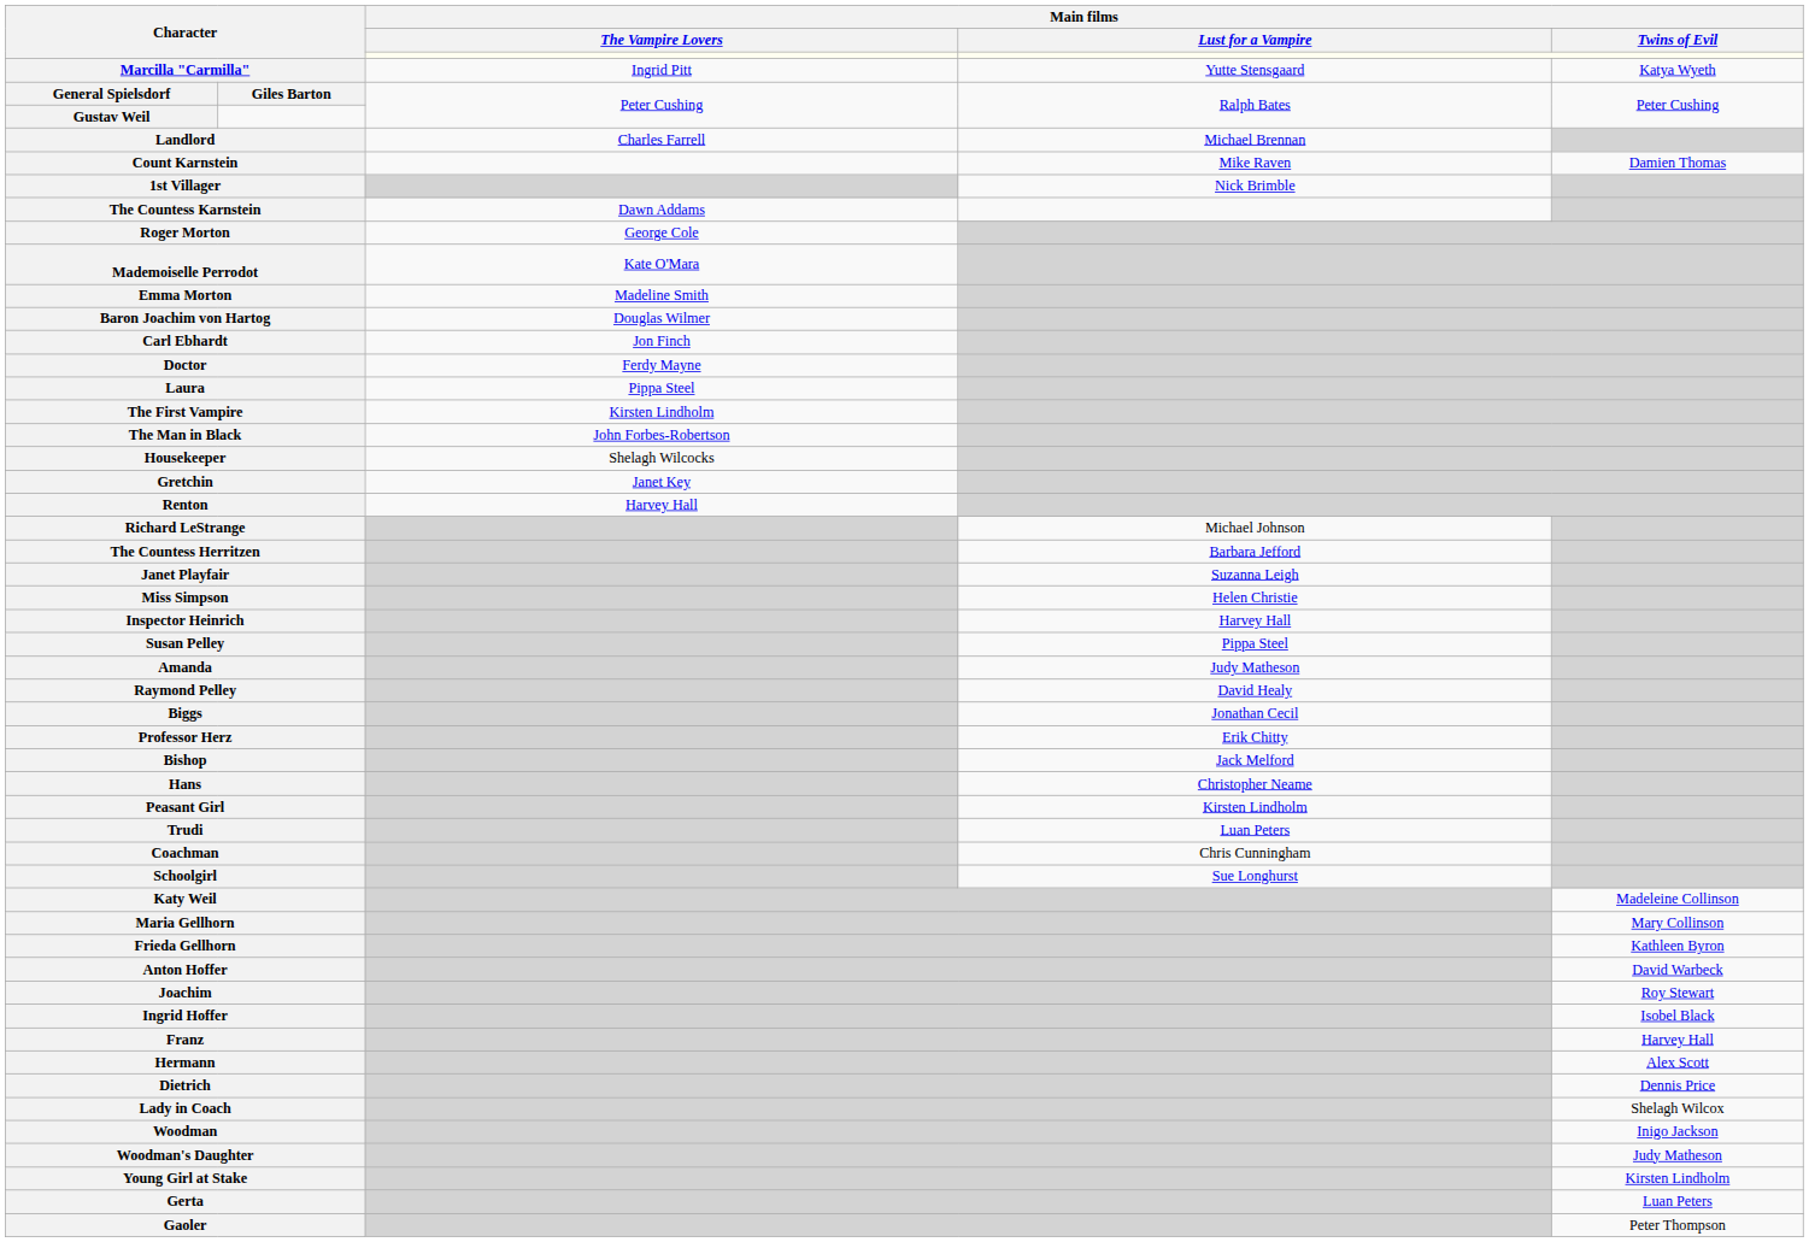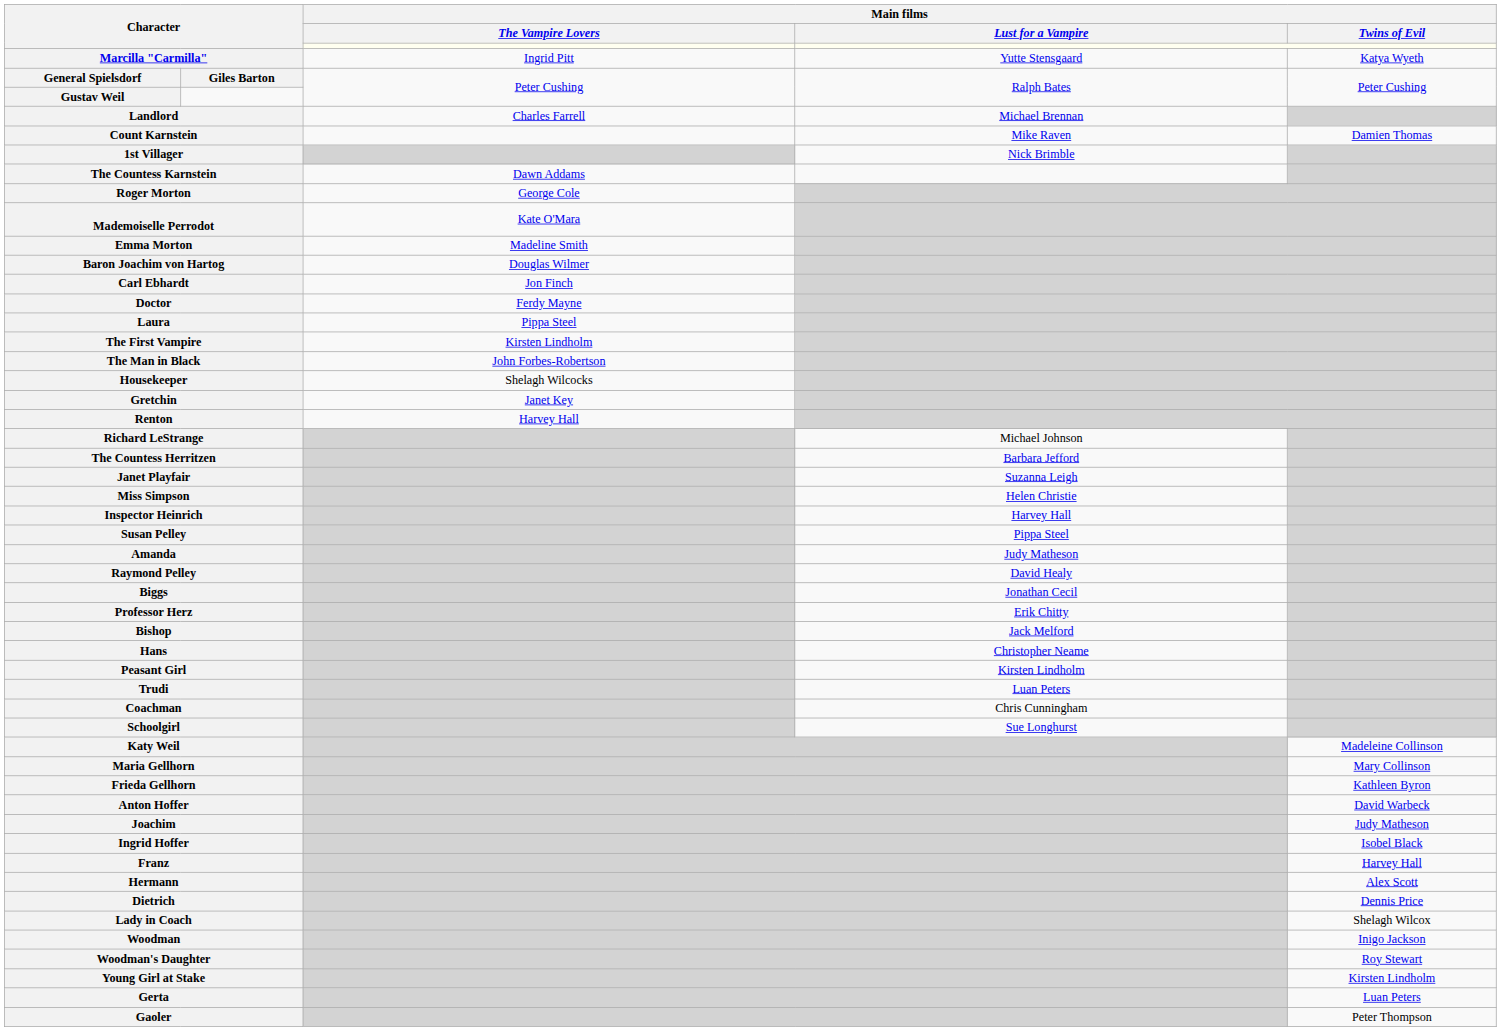 <table class="wikitable" style="text-align:center; width:99%;">
 <tr>
 <th rowspan="3" colspan="2" style="width:20%;">Character</th>
 <th colspan="3" style="text-align:center;">Main films</th>
 </tr>
 <tr>
 <th style="text-align:center; width:33%;"><em><a href='#'>The Vampire Lovers</a></em></th>
 <th style="text-align:center; width:33%;"><em><a href='#'>Lust for a Vampire</a></em></th>
 <th style="text-align:center; width:33%;"><em><a href='#'>Twins of Evil</a></em></th>
 </tr>
 <tr>
 <th style="background:ivory;"><span></span></th>
 <th colspan="2" style="background:ivory;"><span></span></th>
 </tr>
 <tr>
 <th colspan="2"><a href='#'>Marcilla "Carmilla"<br></a></th>
 <td><a href='#'>Ingrid Pitt</a></td>
 <td><a href='#'>Yutte Stensgaard</a></td>
 <td><a href='#'>Katya Wyeth</a></td>
 </tr>
 <tr>
 <th>General Spielsdorf</th>
 <th>Giles Barton</th>
 <td rowspan="2"><a href='#'>Peter Cushing</a></td>
 <td rowspan="2"><a href='#'>Ralph Bates</a></td>
 <td rowspan="2"><a href='#'>Peter Cushing</a></td>
 </tr>
 <tr>
 <th>Gustav Weil</th>
 </tr>
 <tr>
 <th colspan="2">Landlord</th>
 <td><a href='#'>Charles Farrell</a></td>
 <td><a href='#'>Michael Brennan</a></td>
 <td colspan="1" style="background:lightgrey;"></td>
 </tr>
 <tr>
 <th colspan="2">Count Karnstein<br></th>
 <td></td>
 <td><a href='#'>Mike Raven</a></td>
 <td><a href='#'>Damien Thomas</a></td>
 </tr>
 <tr>
 <th colspan="2">1st Villager</th>
 <td style="background:lightgrey;"></td>
 <td><a href='#'>Nick Brimble</a></td>
 <td style="background:lightgrey;"></td>
 </tr>
 <tr>
 <th colspan="2">The Countess Karnstein</th>
 <td><a href='#'>Dawn Addams</a></td>
 <td></td>
 <td colspan="1" style="background:lightgrey;"></td>
 </tr>
 <tr>
 <th colspan="2">Roger Morton</th>
 <td><a href='#'>George Cole</a></td>
 <td colspan="2" style="background:lightgrey;"></td>
 </tr>
 <tr>
 <th colspan="2"><br>Mademoiselle Perrodot</th>
 <td><a href='#'>Kate O'Mara</a></td>
 <td colspan="2" style="background:lightgrey;"></td>
 </tr>
 <tr>
 <th colspan="2">Emma Morton</th>
 <td><a href='#'>Madeline Smith</a></td>
 <td colspan="2" style="background:lightgrey;"></td>
 </tr>
 <tr>
 <th colspan="2">Baron Joachim von Hartog</th>
 <td><a href='#'>Douglas Wilmer</a></td>
 <td colspan="2" style="background:lightgrey;"></td>
 </tr>
 <tr>
 <th colspan="2">Carl Ebhardt</th>
 <td><a href='#'>Jon Finch</a></td>
 <td colspan="2" style="background:lightgrey;"></td>
 </tr>
 <tr>
 <th colspan="2">Doctor</th>
 <td><a href='#'>Ferdy Mayne</a></td>
 <td colspan="2" style="background:lightgrey;"></td>
 </tr>
 <tr>
 <th colspan="2">Laura</th>
 <td><a href='#'>Pippa Steel</a></td>
 <td colspan="2" style="background:lightgrey;"></td>
 </tr>
 <tr>
 <th colspan="2">The First Vampire</th>
 <td><a href='#'>Kirsten Lindholm</a></td>
 <td colspan="2" style="background:lightgrey;"></td>
 </tr>
 <tr>
 <th colspan="2">The Man in Black</th>
 <td><a href='#'>John Forbes-Robertson</a></td>
 <td colspan="2" style="background:lightgrey;"></td>
 </tr>
 <tr>
 <th colspan="2">Housekeeper</th>
 <td>Shelagh Wilcocks</td>
 <td colspan="2" style="background:lightgrey;"></td>
 </tr>
 <tr>
 <th colspan="2">Gretchin</th>
 <td><a href='#'>Janet Key</a></td>
 <td colspan="2" style="background:lightgrey;"></td>
 </tr>
 <tr>
 <th colspan="2">Renton</th>
 <td><a href='#'>Harvey Hall</a></td>
 <td colspan="2" style="background:lightgrey;"></td>
 </tr>
 <tr>
 <th colspan="2">Richard LeStrange</th>
 <td style="background:lightgrey;"></td>
 <td>Michael Johnson</td>
 <td colspan="1" style="background:lightgrey;"></td>
 </tr>
 <tr>
 <th colspan="2">The Countess Herritzen</th>
 <td style="background:lightgrey;"></td>
 <td><a href='#'>Barbara Jefford</a></td>
 <td colspan="1" style="background:lightgrey;"></td>
 </tr>
 <tr>
 <th colspan="2">Janet Playfair</th>
 <td style="background:lightgrey;"></td>
 <td><a href='#'>Suzanna Leigh</a></td>
 <td colspan="1" style="background:lightgrey;"></td>
 </tr>
 <tr>
 <th colspan="2">Miss Simpson</th>
 <td style="background:lightgrey;"></td>
 <td><a href='#'>Helen Christie</a></td>
 <td colspan="1" style="background:lightgrey;"></td>
 </tr>
 <tr>
 <th colspan="2">Inspector Heinrich</th>
 <td style="background:lightgrey;"></td>
 <td><a href='#'>Harvey Hall</a></td>
 <td colspan="1" style="background:lightgrey;"></td>
 </tr>
 <tr>
 <th colspan="2">Susan Pelley</th>
 <td style="background:lightgrey;"></td>
 <td><a href='#'>Pippa Steel</a></td>
 <td colspan="1" style="background:lightgrey;"></td>
 </tr>
 <tr>
 <th colspan="2">Amanda</th>
 <td style="background:lightgrey;"></td>
 <td><a href='#'>Judy Matheson</a></td>
 <td colspan="1" style="background:lightgrey;"></td>
 </tr>
 <tr>
 <th colspan="2">Raymond Pelley</th>
 <td style="background:lightgrey;"></td>
 <td><a href='#'>David Healy</a></td>
 <td colspan="1" style="background:lightgrey;"></td>
 </tr>
 <tr>
 <th colspan="2">Biggs</th>
 <td style="background:lightgrey;"></td>
 <td><a href='#'>Jonathan Cecil</a></td>
 <td colspan="1" style="background:lightgrey;"></td>
 </tr>
 <tr>
 <th colspan="2">Professor Herz</th>
 <td style="background:lightgrey;"></td>
 <td><a href='#'>Erik Chitty</a></td>
 <td colspan="1" style="background:lightgrey;"></td>
 </tr>
 <tr>
 <th colspan="2">Bishop</th>
 <td style="background:lightgrey;"></td>
 <td><a href='#'>Jack Melford</a></td>
 <td colspan="1" style="background:lightgrey;"></td>
 </tr>
 <tr>
 <th colspan="2">Hans</th>
 <td style="background:lightgrey;"></td>
 <td><a href='#'>Christopher Neame</a></td>
 <td colspan="1" style="background:lightgrey;"></td>
 </tr>
 <tr>
 <th colspan="2">Peasant Girl</th>
 <td style="background:lightgrey;"></td>
 <td><a href='#'>Kirsten Lindholm</a></td>
 <td colspan="1" style="background:lightgrey;"></td>
 </tr>
 <tr>
 <th colspan="2">Trudi</th>
 <td style="background:lightgrey;"></td>
 <td><a href='#'>Luan Peters</a></td>
 <td colspan="1" style="background:lightgrey;"></td>
 </tr>
 <tr>
 <th colspan="2">Coachman</th>
 <td style="background:lightgrey;"></td>
 <td>Chris Cunningham</td>
 <td colspan="1" style="background:lightgrey;"></td>
 </tr>
 <tr>
 <th colspan="2">Schoolgirl</th>
 <td style="background:lightgrey;"></td>
 <td><a href='#'>Sue Longhurst</a></td>
 <td colspan="1" style="background:lightgrey;"></td>
 </tr>
 <tr>
 <th colspan="2">Katy Weil</th>
 <td colspan="2" style="background:lightgrey;"></td>
 <td><a href='#'>Madeleine Collinson</a></td>
 </tr>
 <tr>
 <th colspan="2">Maria Gellhorn</th>
 <td colspan="2" style="background:lightgrey;"></td>
 <td><a href='#'>Mary Collinson</a></td>
 </tr>
 <tr>
 <th colspan="2">Frieda Gellhorn</th>
 <td colspan="2" style="background:lightgrey;"></td>
 <td><a href='#'>Kathleen Byron</a></td>
 </tr>
 <tr>
 <th colspan="2">Anton Hoffer</th>
 <td colspan="2" style="background:lightgrey;"></td>
 <td><a href='#'>David Warbeck</a></td>
 </tr>
 <tr>
 <th colspan="2">Joachim</th>
 <td colspan="2" style="background:lightgrey;"></td>
-<td><a href='#'>Roy Stewart</a></td>
+<td><a href='#'>Judy Matheson</a></td>
 </tr>
 <tr>
 <th colspan="2">Ingrid Hoffer</th>
 <td colspan="2" style="background:lightgrey;"></td>
 <td><a href='#'>Isobel Black</a></td>
 </tr>
 <tr>
 <th colspan="2">Franz</th>
 <td colspan="2" style="background:lightgrey;"></td>
 <td><a href='#'>Harvey Hall</a></td>
 </tr>
 <tr>
 <th colspan="2">Hermann</th>
 <td colspan="2" style="background:lightgrey;"></td>
 <td><a href='#'>Alex Scott</a></td>
 </tr>
 <tr>
 <th colspan="2">Dietrich</th>
 <td colspan="2" style="background:lightgrey;"></td>
 <td><a href='#'>Dennis Price</a></td>
 </tr>
 <tr>
 <th colspan="2">Lady in Coach</th>
 <td colspan="2" style="background:lightgrey;"></td>
 <td>Shelagh Wilcox</td>
 </tr>
 <tr>
 <th colspan="2">Woodman</th>
 <td colspan="2" style="background:lightgrey;"></td>
 <td><a href='#'>Inigo Jackson</a></td>
 </tr>
 <tr>
 <th colspan="2">Woodman's Daughter</th>
 <td colspan="2" style="background:lightgrey;"></td>
-<td><a href='#'>Judy Matheson</a></td>
+<td><a href='#'>Roy Stewart</a></td>
 </tr>
 <tr>
 <th colspan="2">Young Girl at Stake</th>
 <td colspan="2" style="background:lightgrey;"></td>
 <td><a href='#'>Kirsten Lindholm</a></td>
 </tr>
 <tr>
 <th colspan="2">Gerta</th>
 <td colspan="2" style="background:lightgrey;"></td>
 <td><a href='#'>Luan Peters</a></td>
 </tr>
 <tr>
 <th colspan="2">Gaoler</th>
 <td colspan="2" style="background:lightgrey;"></td>
 <td>Peter Thompson</td>
 </tr>
 </table>
